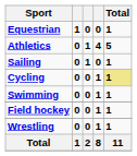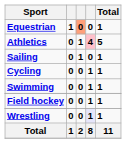 <table class="wikitable" style="font-size:85%;style="text-align:center;" align="right">
 <tr>
 <th>Sport</th>
 <th></th>
 <th></th>
 <th></th>
 <th>Total</th>
 </tr>
 <tr style="font-weight:bold;">
 <td><a href='#'>Equestrian</a></td>
 <td>1</td>
-<td>0</td>
+<td style="background: lightsalmon;">0</td>
 <td>0</td>
 <td>1</td>
 </tr>
 <tr style="font-weight:bold;">
 <td><a href='#'>Athletics</a></td>
 <td>0</td>
 <td>1</td>
-<td>4</td>
+<td style="background: pink;">4</td>
 <td>5</td>
 </tr>
 <tr style="font-weight:bold;">
 <td><a href='#'>Sailing</a></td>
 <td>0</td>
 <td>1</td>
 <td>0</td>
 <td>1</td>
 </tr>
 <tr style="font-weight:bold;">
 <td><a href='#'>Cycling</a></td>
 <td>0</td>
 <td>0</td>
 <td>1</td>
-<td style="background: khaki;">1</td>
+<td>1</td>
 </tr>
 <tr style="font-weight:bold;">
 <td><a href='#'>Swimming</a></td>
 <td>0</td>
 <td>0</td>
 <td>1</td>
 <td>1</td>
 </tr>
 <tr>
 </tr>
 <tr style="font-weight:bold;">
 <td><a href='#'>Field hockey</a></td>
 <td>0</td>
 <td>0</td>
 <td>1</td>
 <td>1</td>
 </tr>
 <tr>
 </tr>
 <tr style="font-weight:bold;">
 <td><a href='#'>Wrestling</a></td>
 <td>0</td>
 <td>0</td>
-<td>1</td>
+<td style="background: lavender;">1</td>
 <td>1</td>
 </tr>
 <tr>
 <th>Total</th>
 <th>1</th>
 <th>2</th>
 <th>8</th>
 <th>11</th>
 </tr>
 <tr>
 </tr>
 </table>
